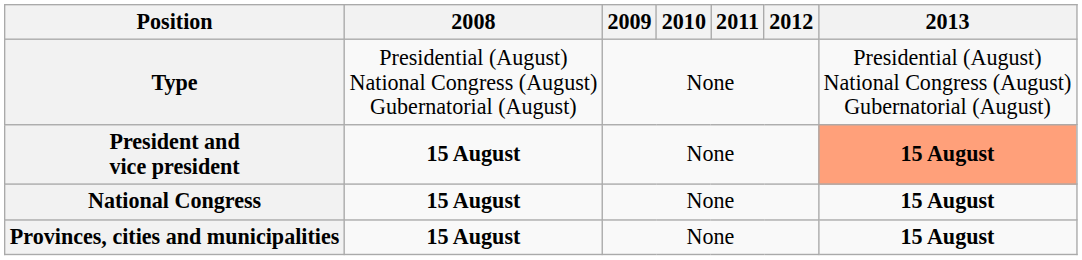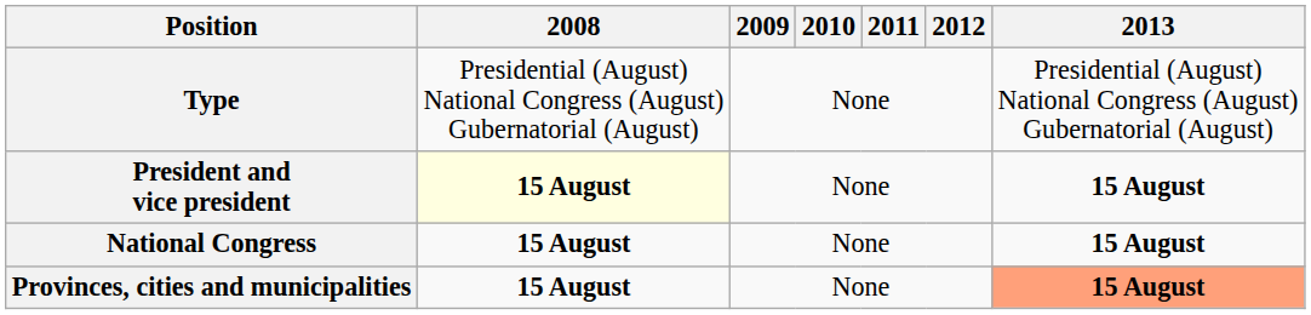 <table class=wikitable style="text-align:center;">
 <tr>
 <th>Position</th>
 <th>2008</th>
 <th>2009</th>
 <th>2010</th>
 <th>2011</th>
 <th>2012</th>
 <th>2013</th>
 </tr>
 <tr>
 <th>Type</th>
 <td>Presidential (August)<br>National Congress (August)<br>Gubernatorial (August)</td>
 <td colspan=4>None</td>
 <td>Presidential (August)<br>National Congress (August)<br>Gubernatorial (August)</td>
 </tr>
 <tr>
 <th>President and<br>vice president</th>
+<td style="background: lightyellow;"><strong>15 August</strong></td>
+<td colspan=4>None</td>
 <td><strong>15 August</strong></td>
-<td colspan=4>None</td>
-<td style="background: lightsalmon;"><strong>15 August</strong></td>
 </tr>
 <tr>
 <th>National Congress</th>
 <td><strong>15 August</strong></td>
 <td colspan=4>None</td>
 <td><strong>15 August</strong></td>
 </tr>
 <tr>
 <th>Provinces, cities and municipalities</th>
 <td><strong>15 August</strong></td>
 <td colspan=4>None</td>
-<td><strong>15 August</strong></td>
+<td style="background: lightsalmon;"><strong>15 August</strong></td>
 </tr>
 </table>
